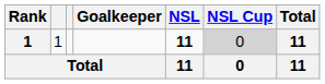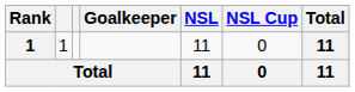 <table class="wikitable sortable" style="text-align:center">
 <tr>
 <th>Rank</th>
 <th></th>
 <th></th>
 <th>Goalkeeper</th>
 <th><a href='#'>NSL</a></th>
 <th><a href='#'>NSL Cup</a></th>
 <th>Total</th>
 </tr>
 <tr>
 <th>1</th>
 <td>1</td>
 <td></td>
 <td align="left"></td>
-<td><strong>11</strong></td>
-<td style="background: lightgrey;">0</td>
+<td>11</td>
+<td>0</td>
 <th>11</th>
 </tr>
 <tr>
 <th colspan="4">Total</th>
 <th>11</th>
 <th>0</th>
 <th>11</th>
 </tr>
 </table>
